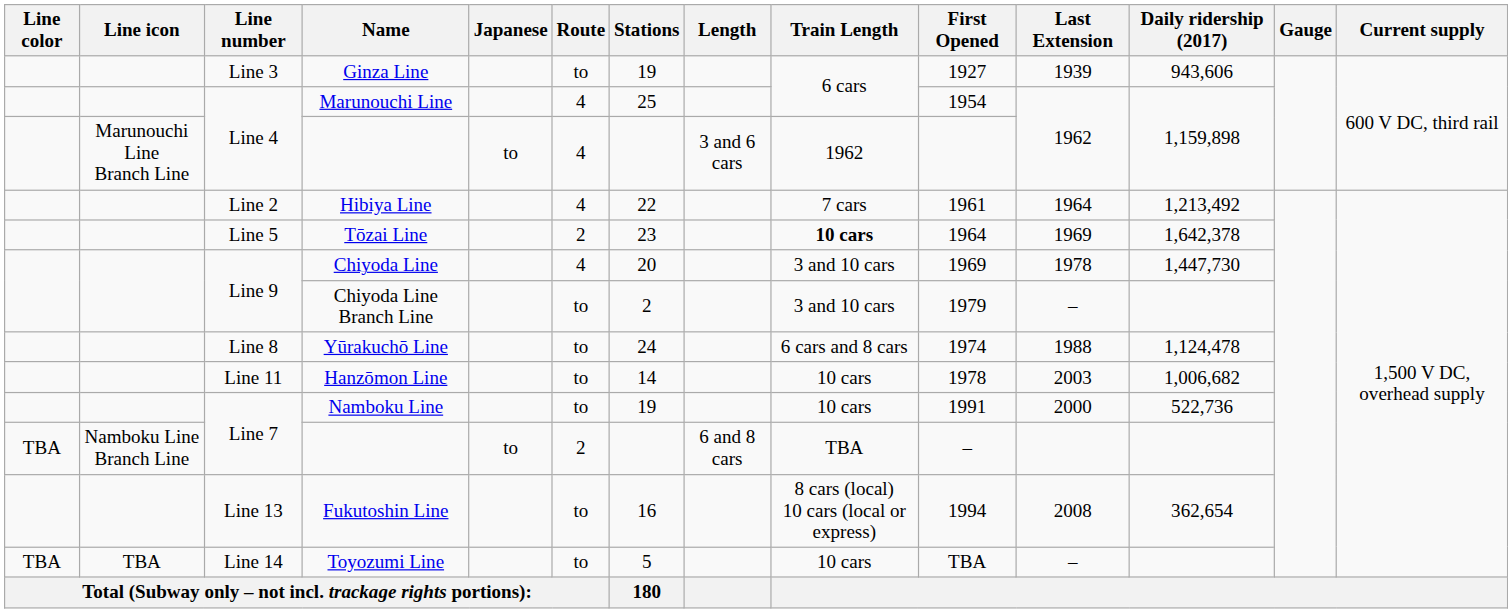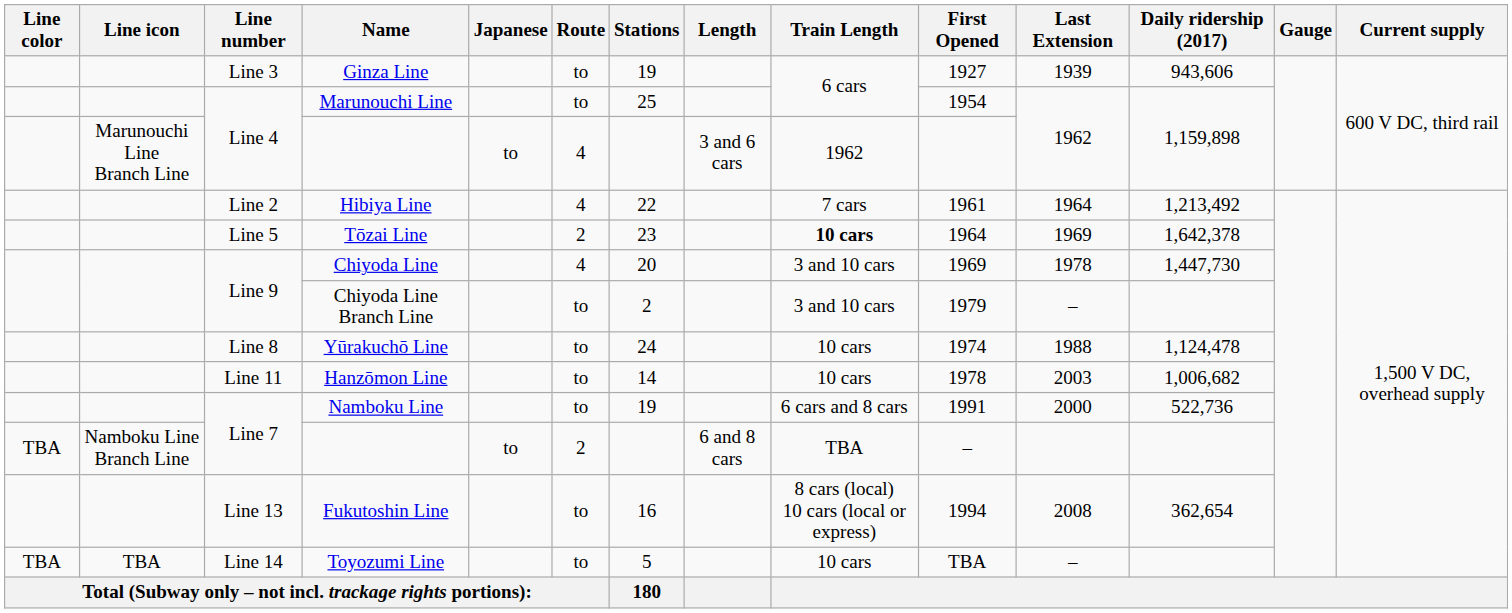 <table class="wikitable sortable" style=margin:auto;font-align:center;text-align:center>
 <tr>
 <th>Line color</th>
 <th>Line icon</th>
 <th>Line number</th>
 <th>Name</th>
 <th>Japanese</th>
 <th>Route</th>
 <th>Stations</th>
 <th>Length</th>
 <th>Train Length</th>
 <th>First Opened</th>
 <th>Last Extension</th>
 <th>Daily ridership (2017)</th>
 <th>Gauge</th>
 <th>Current supply</th>
 </tr>
 <tr>
 <td style="background:#"></td>
 <td style="text-align:center;"></td>
 <td>Line 3</td>
 <td><a href='#'>Ginza Line</a></td>
 <td></td>
 <td> to </td>
 <td>19</td>
 <td></td>
 <td rowspan="2">6 cars</td>
 <td>1927</td>
 <td>1939</td>
 <td>943,606</td>
 <td rowspan="3"></td>
 <td rowspan="3">600 V DC, third rail</td>
 </tr>
 <tr>
 <td style="background:#"></td>
 <td style="text-align:center;"></td>
 <td rowspan="2">Line 4</td>
 <td><a href='#'>Marunouchi Line</a></td>
 <td></td>
-<td>4</td>
+<td> to </td>
 <td>25</td>
 <td></td>
 <td>1954</td>
 <td rowspan="2">1962</td>
 <td rowspan="2">1,159,898</td>
 </tr>
 <tr>
 <td style="text-align:center;"></td>
 <td>Marunouchi Line <br>Branch Line</td>
 <td></td>
 <td> to </td>
 <td>4</td>
 <td></td>
 <td>3 and 6 cars</td>
 <td>1962</td>
 </tr>
 <tr>
 <td style="background:#"></td>
 <td style="text-align:center;"></td>
 <td>Line 2</td>
 <td><a href='#'>Hibiya Line</a></td>
 <td></td>
 <td>4</td>
 <td>22</td>
 <td></td>
 <td>7 cars</td>
 <td>1961</td>
 <td>1964</td>
 <td>1,213,492</td>
 <td rowspan="10"></td>
 <td rowspan="10">1,500 V DC, overhead supply</td>
 </tr>
 <tr>
 <td style="background:#"></td>
 <td style="text-align:center;"></td>
 <td>Line 5</td>
 <td><a href='#'>Tōzai Line</a></td>
 <td></td>
 <td>2</td>
 <td>23</td>
 <td></td>
 <td><strong>10 cars</strong></td>
 <td>1964</td>
 <td>1969</td>
 <td>1,642,378</td>
 </tr>
 <tr>
 <td rowspan="2" style="background:#"></td>
 <td rowspan="2" style="text-align:center;"></td>
 <td rowspan="2">Line 9</td>
 <td><a href='#'>Chiyoda Line</a></td>
 <td></td>
 <td>4</td>
 <td>20</td>
 <td></td>
 <td>3 and 10 cars</td>
 <td>1969</td>
 <td>1978</td>
 <td>1,447,730</td>
 </tr>
 <tr>
 <td>Chiyoda Line Branch Line</td>
 <td></td>
 <td> to </td>
 <td>2</td>
 <td></td>
 <td>3 and 10 cars</td>
 <td>1979</td>
 <td>–</td>
 <td></td>
 </tr>
 <tr>
 <td style="background:#"></td>
 <td style="text-align:center;"></td>
 <td>Line 8</td>
 <td><a href='#'>Yūrakuchō Line</a></td>
 <td></td>
 <td> to </td>
 <td>24</td>
 <td></td>
-<td>6 cars and 8 cars</td>
+<td>10 cars</td>
 <td>1974</td>
 <td>1988</td>
 <td>1,124,478</td>
 </tr>
 <tr>
 <td style="background:#"></td>
 <td style="text-align:center;"></td>
 <td>Line 11</td>
 <td><a href='#'>Hanzōmon Line</a></td>
 <td></td>
 <td> to </td>
 <td>14</td>
 <td></td>
 <td>10 cars</td>
 <td>1978</td>
 <td>2003</td>
 <td>1,006,682</td>
 </tr>
 <tr>
 <td style="background:#"></td>
 <td style="text-align:center;"></td>
 <td rowspan="2">Line 7</td>
 <td><a href='#'>Namboku Line</a></td>
 <td></td>
 <td> to </td>
 <td>19</td>
 <td></td>
-<td>10 cars</td>
+<td>6 cars and 8 cars</td>
 <td>1991</td>
 <td>2000</td>
 <td>522,736</td>
 </tr>
 <tr>
 <td style="text-align:center;">TBA</td>
 <td>Namboku Line <br>Branch Line</td>
 <td></td>
 <td> to </td>
 <td>2</td>
 <td></td>
 <td>6 and 8 cars</td>
 <td>TBA</td>
 <td>–</td>
 <td></td>
 </tr>
 <tr>
 <td style="background:#"></td>
 <td style="text-align:center;"></td>
 <td>Line 13</td>
 <td><a href='#'>Fukutoshin Line</a></td>
 <td></td>
 <td> to </td>
 <td>16</td>
 <td></td>
 <td>8 cars (local)<br>10 cars (local or express)</td>
 <td>1994</td>
 <td>2008</td>
 <td>362,654</td>
 </tr>
 <tr>
 <td>TBA</td>
 <td style="text-align:center;">TBA</td>
 <td>Line 14</td>
 <td><a href='#'>Toyozumi Line</a> </td>
 <td></td>
 <td> to </td>
 <td>5</td>
 <td></td>
 <td>10 cars</td>
 <td>TBA</td>
 <td>–</td>
 <td></td>
 </tr>
 <tr style="background:#F2F2F2;">
 <td style="text-align:center;" colspan="6"><strong>Total (Subway only – not incl. <em>trackage rights</em> portions):</strong></td>
 <td><strong>180</strong></td>
 <td><strong></strong></td>
 <td colspan="6"> </td>
 </tr>
 </table>
